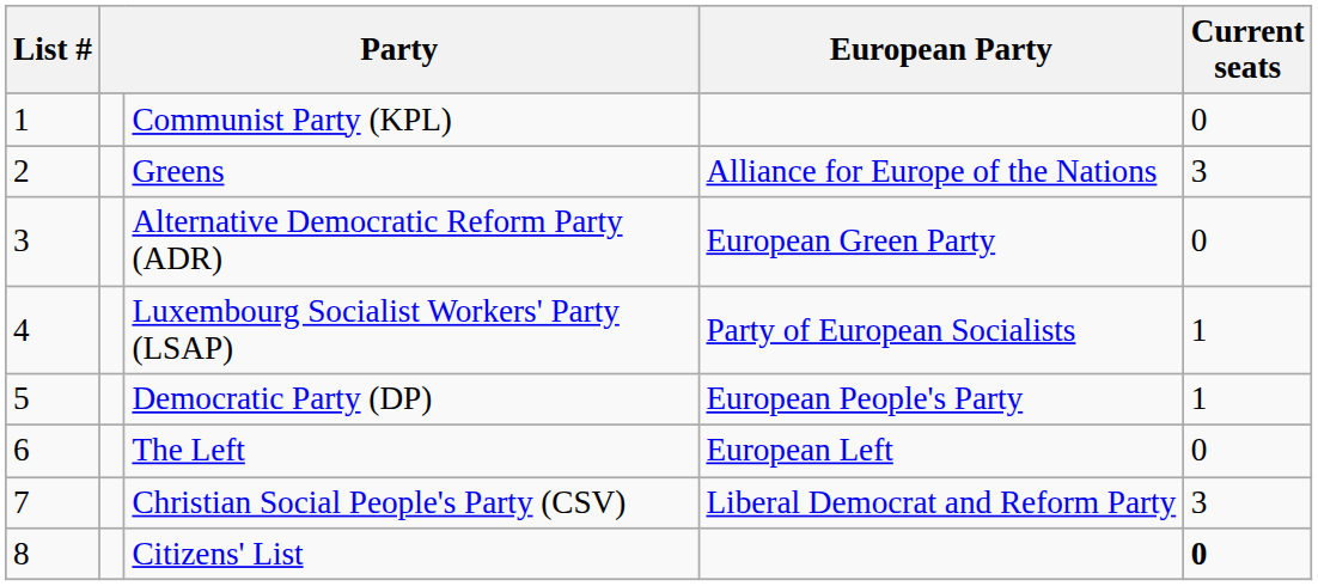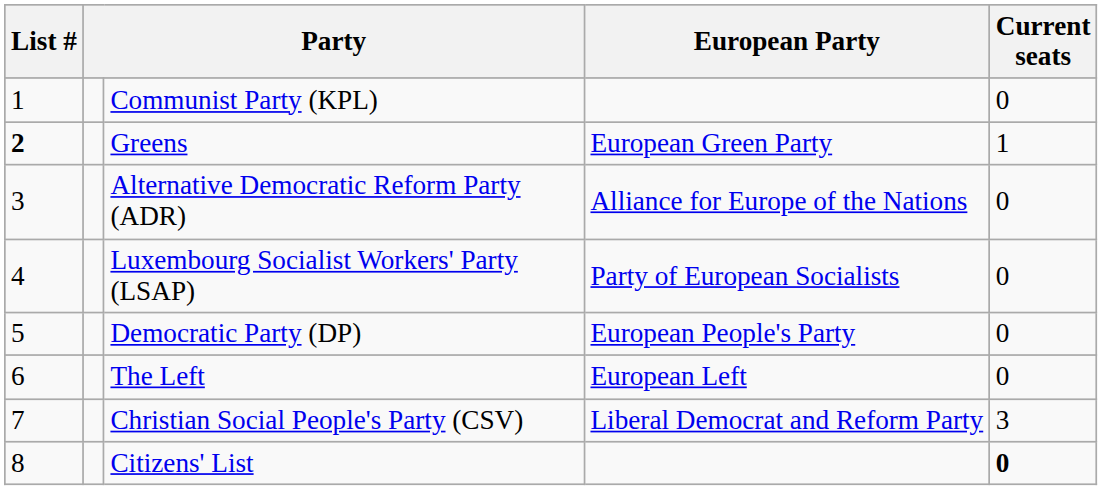 <table class="wikitable">
 <tr>
 <th>List #</th>
 <th colspan=2>Party</th>
 <th>European Party</th>
 <th>Current <br> seats</th>
 </tr>
 <tr>
 <td>1</td>
 <td width=5px style="background-color: "></td>
 <td width=275px><a href='#'>Communist Party</a> (KPL)</td>
 <td></td>
 <td width=50px>0</td>
 </tr>
 <tr>
-<td>2</td>
+<td><strong>2</strong></td>
 <td style="background-color: "></td>
 <td><a href='#'>Greens</a></td>
-<td><a href='#'>Alliance for Europe of the Nations</a></td>
-<td>3</td>
+<td><a href='#'>European Green Party</a></td>
+<td>1</td>
 </tr>
 <tr>
 <td>3</td>
 <td style="background-color: "></td>
 <td><a href='#'>Alternative Democratic Reform Party</a> (ADR)</td>
-<td><a href='#'>European Green Party</a></td>
+<td><a href='#'>Alliance for Europe of the Nations</a></td>
 <td>0</td>
 </tr>
 <tr>
 <td>4</td>
 <td style="background-color: "></td>
 <td><a href='#'>Luxembourg Socialist Workers' Party</a> (LSAP)</td>
 <td><a href='#'>Party of European Socialists</a></td>
-<td>1</td>
+<td>0</td>
 </tr>
 <tr>
 <td>5</td>
 <td style="background-color: "></td>
 <td><a href='#'>Democratic Party</a> (DP)</td>
 <td><a href='#'>European People's Party</a></td>
-<td>1</td>
+<td>0</td>
 </tr>
 <tr>
 <td>6</td>
 <td style="background-color: "></td>
 <td><a href='#'>The Left</a></td>
 <td><a href='#'>European Left</a></td>
 <td>0</td>
 </tr>
 <tr>
 <td>7</td>
 <td style="background-color: "></td>
 <td><a href='#'>Christian Social People's Party</a> (CSV)</td>
 <td><a href='#'>Liberal Democrat and Reform Party</a></td>
 <td>3</td>
 </tr>
 <tr>
 <td>8</td>
 <td style="background-color: "></td>
 <td><a href='#'>Citizens' List</a></td>
 <td></td>
 <td><strong>0</strong></td>
 </tr>
 </table>
